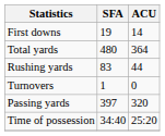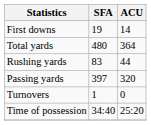 <table class="wikitable">
 <tr>
 <th>Statistics</th>
 <th>SFA</th>
 <th>ACU</th>
 </tr>
 <tr>
 <td>First downs</td>
 <td>19</td>
 <td>14</td>
 </tr>
 <tr>
 <td>Total yards</td>
 <td>480</td>
 <td>364</td>
 </tr>
 <tr>
 <td>Rushing yards</td>
 <td>83</td>
 <td>44</td>
 </tr>
 <tr>
+<td>Passing yards</td>
+<td>397</td>
+<td>320</td>
+</tr>
+<tr>
 <td>Turnovers</td>
 <td>1</td>
 <td>0</td>
-</tr>
-<tr>
-<td>Passing yards</td>
-<td>397</td>
-<td>320</td>
 </tr>
 <tr>
 <td>Time of possession</td>
 <td>34:40</td>
 <td>25:20</td>
 </tr>
 <tr>
 </tr>
 </table>
